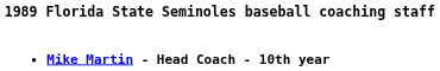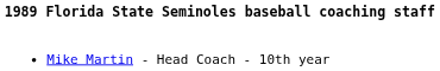 <table class="toccolours">
 <tr>
 <th colspan=9>1989 Florida State Seminoles baseball coaching staff</th>
 </tr>
 <tr>
-<td style="text-align: left; font-size: 95%;" valign="top"><strong><br><ul><li><a href='#'>Mike Martin</a> - Head Coach - 10th year</li></ul></strong></td>
+<td style="text-align: left; font-size: 95%;" valign="top"><br><ul><li><a href='#'>Mike Martin</a> - Head Coach - 10th year</li></ul></td>
 </tr>
 </table>
